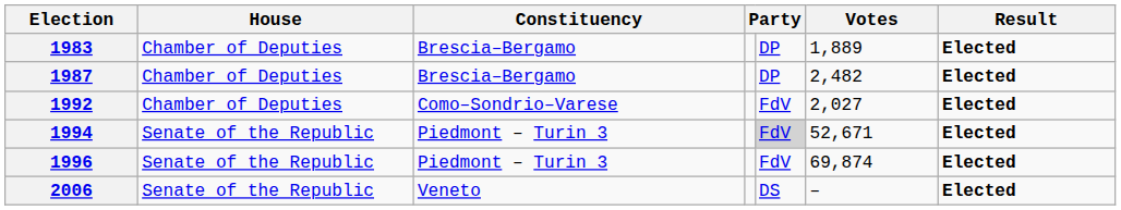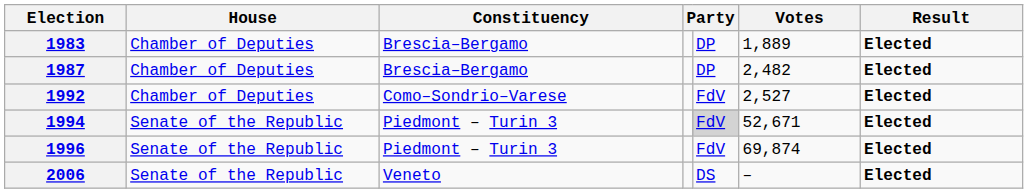 <table class=wikitable style="width:65%; border:1px #AAAAFF solid">
 <tr>
 <th width=12%>Election</th>
 <th width=25%>House</th>
 <th width=30%>Constituency</th>
 <th width=5% colspan="2">Party</th>
 <th width=12%>Votes</th>
 <th width=25%>Result</th>
 </tr>
 <tr>
 <th><a href='#'>1983</a></th>
 <td><a href='#'>Chamber of Deputies</a></td>
 <td><a href='#'>Brescia–Bergamo</a></td>
 <td></td>
 <td><a href='#'>DP</a></td>
 <td>1,889</td>
 <td> <strong>Elected</strong></td>
 </tr>
 <tr>
 <th><a href='#'>1987</a></th>
 <td><a href='#'>Chamber of Deputies</a></td>
 <td><a href='#'>Brescia–Bergamo</a></td>
 <td></td>
 <td><a href='#'>DP</a></td>
 <td>2,482</td>
 <td> <strong>Elected</strong></td>
 </tr>
 <tr>
 <th><a href='#'>1992</a></th>
 <td><a href='#'>Chamber of Deputies</a></td>
 <td><a href='#'>Como–Sondrio–Varese</a></td>
 <td></td>
 <td><a href='#'>FdV</a></td>
-<td>2,027</td>
+<td>2,527</td>
 <td> <strong>Elected</strong></td>
 </tr>
 <tr>
 <th><a href='#'>1994</a></th>
 <td><a href='#'>Senate of the Republic</a></td>
 <td><a href='#'>Piedmont</a> – <a href='#'>Turin 3</a></td>
 <td></td>
 <td style="background: lightgrey;"><a href='#'>FdV</a></td>
 <td>52,671</td>
 <td> <strong>Elected</strong></td>
 </tr>
 <tr>
 <th><a href='#'>1996</a></th>
 <td><a href='#'>Senate of the Republic</a></td>
 <td><a href='#'>Piedmont</a> – <a href='#'>Turin 3</a></td>
 <td></td>
 <td><a href='#'>FdV</a></td>
 <td>69,874</td>
 <td> <strong>Elected</strong></td>
 </tr>
 <tr>
 <th><a href='#'>2006</a></th>
 <td><a href='#'>Senate of the Republic</a></td>
 <td><a href='#'>Veneto</a></td>
 <td></td>
 <td><a href='#'>DS</a></td>
 <td>–</td>
 <td> <strong>Elected</strong></td>
 </tr>
 </table>
